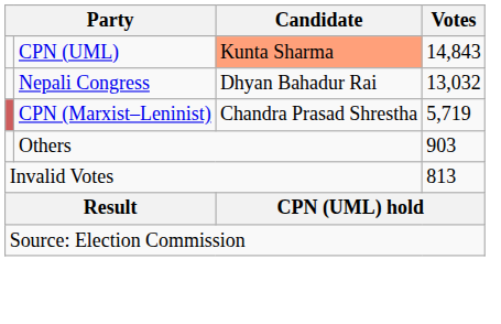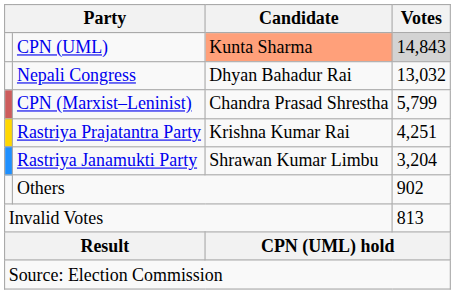 <table class="wikitable">
 <tr>
 <th colspan="2">Party</th>
 <th>Candidate</th>
 <th>Votes</th>
 </tr>
 <tr>
 <td style="background-color:"></td>
 <td><a href='#'>CPN (UML)</a></td>
 <td style="background: lightsalmon;">Kunta Sharma</td>
-<td>14,843</td>
+<td style="background: lightgrey;">14,843</td>
 </tr>
 <tr>
 <td style="background-color:"></td>
 <td><a href='#'>Nepali Congress</a></td>
 <td>Dhyan Bahadur Rai</td>
 <td>13,032</td>
 </tr>
 <tr>
 <td style="background-color:indianred"></td>
 <td><a href='#'>CPN (Marxist–Leninist)</a></td>
 <td>Chandra Prasad Shrestha</td>
-<td>5,719</td>
+<td>5,799</td>
+</tr>
+<tr>
+<td style="background-color:gold"></td>
+<td><a href='#'>Rastriya Prajatantra Party</a></td>
+<td>Krishna Kumar Rai</td>
+<td>4,251</td>
+</tr>
+<tr>
+<td style="background-color:dodgerblue"></td>
+<td><a href='#'>Rastriya Janamukti Party</a></td>
+<td>Shrawan Kumar Limbu</td>
+<td>3,204</td>
 </tr>
 <tr>
 <td></td>
 <td colspan="2">Others</td>
-<td>903</td>
+<td>902</td>
 </tr>
 <tr>
 <td colspan="3">Invalid Votes</td>
 <td>813</td>
 </tr>
 <tr>
 <th colspan="2">Result</th>
 <th colspan="2">CPN (UML) hold</th>
 </tr>
 <tr>
 <td colspan="4">Source: Election Commission</td>
 </tr>
 </table>
